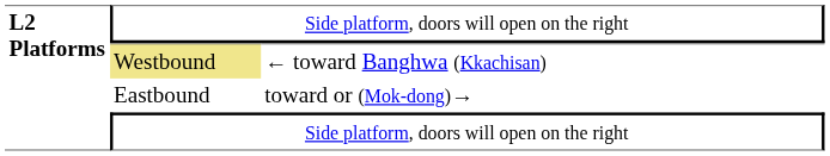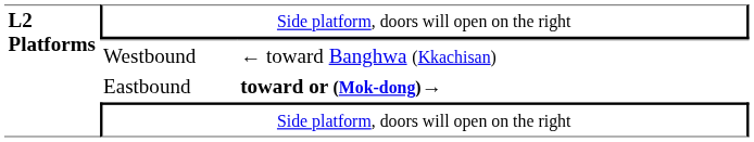 <table table border=0 cellspacing=0 cellpadding=3>
 <tr>
 <td style="border-top:solid 1px gray;border-bottom:solid 1px gray;" width=50 rowspan=10 valign=top><strong>L2<br>Platforms</strong></td>
 <td style="border-top:solid 1px gray;border-right:solid 2px black;border-left:solid 2px black;border-bottom:solid 2px black;text-align:center;" colspan=2><small><a href='#'>Side platform</a>, doors will open on the right</small></td>
 </tr>
 <tr>
-<td style="background: khaki; border-bottom:solid 0px gray;border-top:solid 1px gray;" width=100>Westbound</td>
+<td style="border-bottom:solid 0px gray;border-top:solid 1px gray;" width=100>Westbound</td>
 <td style="border-bottom:solid 0px gray;border-top:solid 1px gray;" width=390>←  toward <a href='#'>Banghwa</a> <small>(<a href='#'>Kkachisan</a>)</small></td>
 </tr>
 <tr>
 <td>Eastbound</td>
-<td>  toward  or  <small>(<a href='#'>Mok-dong</a>)</small>→</td>
+<td><strong>  toward  or  <small>(<a href='#'>Mok-dong</a>)</small>→</strong></td>
 </tr>
 <tr>
 <td style="border-top:solid 2px black;border-right:solid 2px black;border-left:solid 2px black;border-bottom:solid 1px gray;text-align:center;" colspan=2><small><a href='#'>Side platform</a>, doors will open on the right</small></td>
 </tr>
 </table>
